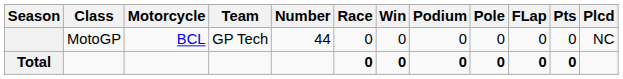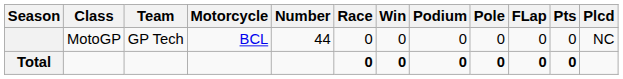 <table class="wikitable">
 <tr>
 <th>Season</th>
 <th>Class</th>
+<th>Team</th>
 <th>Motorcycle</th>
-<th>Team</th>
 <th>Number</th>
 <th>Race</th>
 <th>Win</th>
 <th>Podium</th>
 <th>Pole</th>
 <th>FLap</th>
 <th>Pts</th>
 <th>Plcd</th>
 </tr>
 <tr align="right">
 <th></th>
 <td>MotoGP</td>
+<td>GP Tech</td>
 <td><a href='#'>BCL</a></td>
-<td>GP Tech</td>
 <td>44</td>
 <td>0</td>
 <td>0</td>
 <td>0</td>
 <td>0</td>
 <td>0</td>
 <td>0</td>
 <td>NC</td>
 </tr>
 <tr align="right">
 <th>Total</th>
 <td></td>
 <td></td>
 <td></td>
 <td></td>
 <td><strong>0</strong></td>
 <td><strong>0</strong></td>
 <td><strong>0</strong></td>
 <td><strong>0</strong></td>
 <td><strong>0</strong></td>
 <td><strong>0</strong></td>
 <td></td>
 </tr>
 </table>
